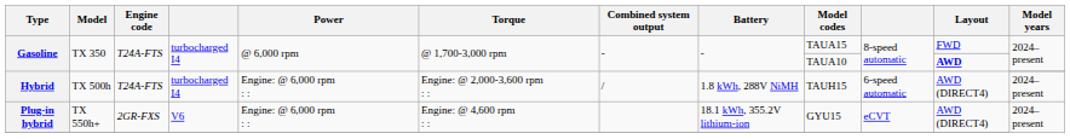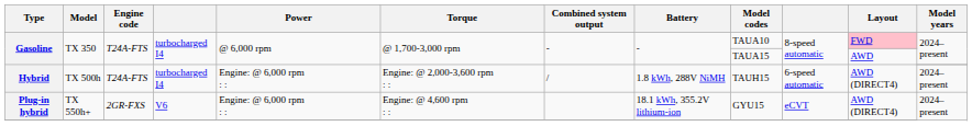 <table class="wikitable" style="text-align:left; font-size:80%;">
 <tr>
 <th>Type</th>
 <th>Model</th>
 <th>Engine code</th>
 <th></th>
 <th width="17%">Power</th>
 <th width="17%">Torque</th>
 <th>Combined system output</th>
 <th>Battery</th>
 <th>Model codes</th>
 <th></th>
 <th>Layout</th>
 <th>Model years</th>
 </tr>
 <tr>
 <th rowspan="2"><a href='#'>Gasoline</a></th>
 <td rowspan="2">TX 350</td>
 <td rowspan="2"><em>T24A-FTS</em></td>
 <td rowspan="2"> <a href='#'>turbocharged</a> <a href='#'>I4</a></td>
 <td rowspan="2"> @ 6,000 rpm</td>
 <td rowspan="2"> @ 1,700-3,000 rpm</td>
 <td rowspan="2">-</td>
 <td rowspan="2">-</td>
-<td>TAUA15</td>
+<td rowspan="1">TAUA10</td>
 <td rowspan="2">8-speed <a href='#'>automatic</a></td>
-<td><a href='#'>FWD</a></td>
+<td style="background: pink;"><a href='#'>FWD</a></td>
 <td rowspan="2">2024–present</td>
 </tr>
 <tr>
-<td rowspan="1">TAUA10</td>
-<td><strong><a href='#'>AWD</a></strong></td>
+<td>TAUA15</td>
+<td><a href='#'>AWD</a></td>
 </tr>
 <tr>
 <th rowspan="2"><a href='#'>Hybrid</a></th>
 <td rowspan="2">TX 500h</td>
 <td rowspan="2"><em>T24A-FTS</em></td>
 <td rowspan="2"> <a href='#'>turbocharged</a> <a href='#'>I4</a></td>
 <td rowspan="2">Engine:  @ 6,000 rpm<br>: : </td>
 <td rowspan="2">Engine:  @ 2,000-3,600 rpm<br>: : </td>
 <td rowspan="2"> / </td>
 <td rowspan="2">1.8 <a href='#'>kWh</a>, 288V <a href='#'>NiMH</a></td>
 <td rowspan="2">TAUH15</td>
 <td rowspan="2">6-speed <a href='#'>automatic</a></td>
 <td rowspan="2"><a href='#'>AWD</a> (DIRECT4)</td>
 </tr>
 <tr>
 <td rowspan="2">2024–present</td>
 </tr>
 <tr>
 <th rowspan="2"><a href='#'>Plug-in hybrid</a></th>
 <td rowspan="2">TX 550h+</td>
 <td rowspan="2"><em>2GR-FXS</em></td>
 <td rowspan="2"> <a href='#'>V6</a></td>
 <td rowspan="2">Engine:  @ 6,000 rpm<br>: : </td>
 <td rowspan="2">Engine:  @ 4,600 rpm<br>: : </td>
 <td rowspan="2"></td>
 <td rowspan="2">18.1 <a href='#'>kWh</a>, 355.2V <a href='#'>lithium-ion</a></td>
 <td rowspan="2">GYU15</td>
 <td rowspan="2"><a href='#'>eCVT</a></td>
 <td rowspan="2"><a href='#'>AWD</a> (DIRECT4)</td>
 </tr>
 <tr>
 <td rowspan="2">2024–present</td>
 </tr>
 <tr>
 </tr>
 </table>
